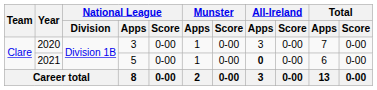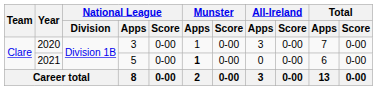 <table class="wikitable" style="text-align:center">
 <tr>
 <th rowspan="2">Team</th>
 <th rowspan="2">Year</th>
 <th colspan="3"><a href='#'>National League</a></th>
 <th colspan="2"><a href='#'>Munster</a></th>
 <th colspan="2"><a href='#'>All-Ireland</a></th>
 <th colspan="2">Total</th>
 </tr>
 <tr>
 <th>Division</th>
 <th>Apps</th>
 <th>Score</th>
 <th>Apps</th>
 <th>Score</th>
 <th>Apps</th>
 <th>Score</th>
 <th>Apps</th>
 <th>Score</th>
 </tr>
 <tr>
 <td rowspan="2"><a href='#'>Clare</a></td>
 <td>2020</td>
 <td rowspan="2"><a href='#'>Division 1B</a></td>
 <td>3</td>
 <td>0-00</td>
 <td>1</td>
 <td>0-00</td>
 <td>3</td>
 <td>0-00</td>
 <td>7</td>
 <td>0-00</td>
 </tr>
 <tr>
 <td>2021</td>
 <td>5</td>
 <td>0-00</td>
-<td>1</td>
+<td><strong>1</strong></td>
 <td>0-00</td>
-<td><strong>0</strong></td>
+<td>0</td>
 <td>0-00</td>
 <td>6</td>
 <td>0-00</td>
 </tr>
 <tr>
 <th colspan="3">Career total</th>
 <th>8</th>
 <th>0-00</th>
 <th>2</th>
 <th>0-00</th>
 <th>3</th>
 <th>0-00</th>
 <th>13</th>
 <th>0-00</th>
 </tr>
 </table>
